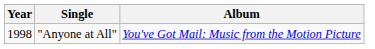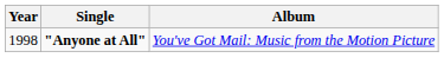 <table class="wikitable">
 <tr>
 <th>Year</th>
 <th>Single</th>
 <th>Album</th>
 </tr>
 <tr>
 <td rowspan=1>1998</td>
-<td>"Anyone at All"</td>
+<td><strong>"Anyone at All"</strong></td>
 <td><em><a href='#'>You've Got Mail: Music from the Motion Picture</a></em></td>
 </tr>
 </table>
